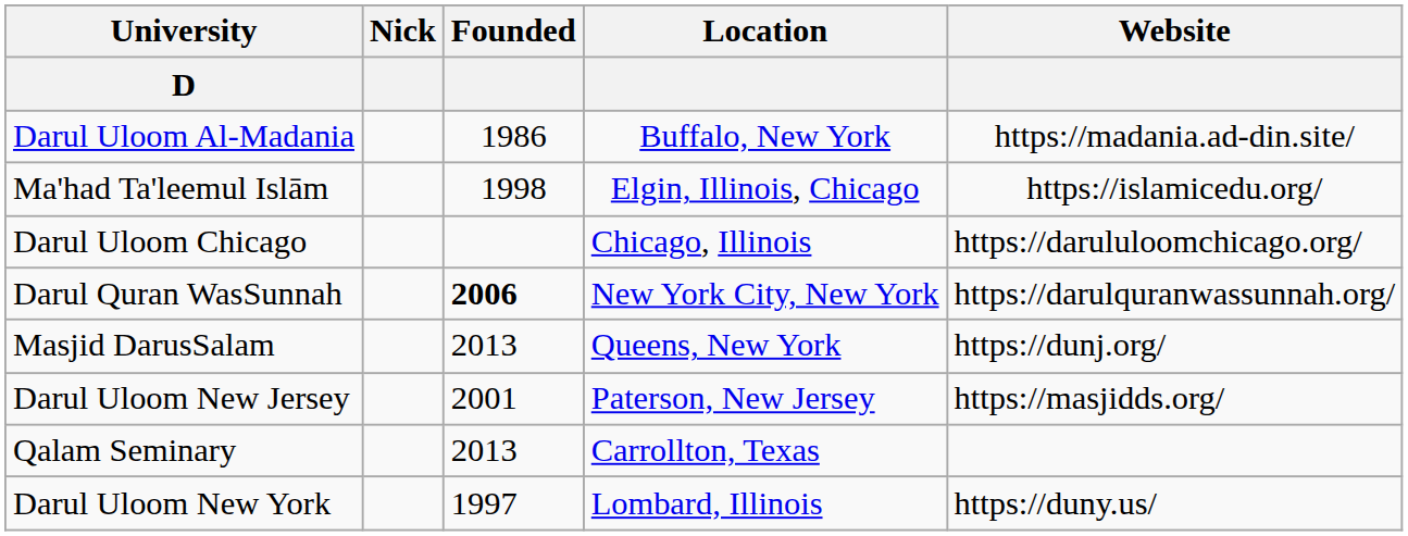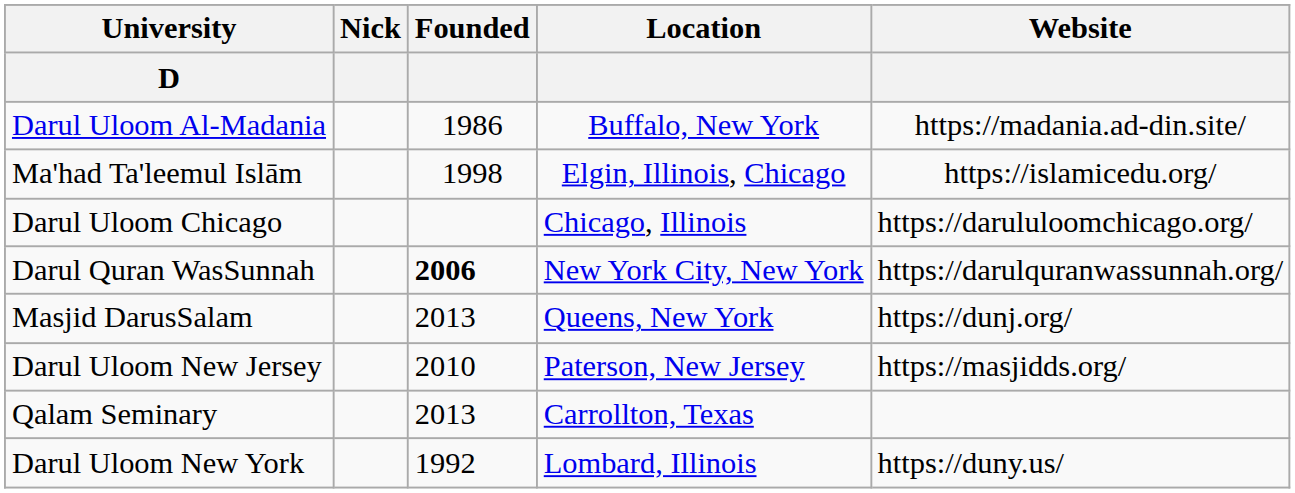 <table class="wikitable sortable">
 <tr>
 <th>University</th>
 <th>Nick</th>
 <th>Founded</th>
 <th>Location</th>
 <th class="unsortable">Website</th>
 </tr>
 <tr>
 <th>D</th>
 <th></th>
 <th></th>
 <th></th>
 <th></th>
 </tr>
 <tr>
 <td><a href='#'>Darul Uloom Al-Madania</a></td>
 <td style="text-align:center;"></td>
 <td style="text-align:center;">1986</td>
 <td style="text-align:center;"><a href='#'>Buffalo, New York</a></td>
 <td style="text-align:center;">https://madania.ad-din.site/</td>
 </tr>
 <tr>
 <td>Ma'had Ta'leemul Islām</td>
 <td style="text-align:center;"></td>
 <td style="text-align:center;">1998</td>
 <td style="text-align:center;"><a href='#'>Elgin, Illinois</a>, <a href='#'>Chicago</a></td>
 <td style="text-align:center;">https://islamicedu.org/</td>
 </tr>
 <tr>
 <td>Darul Uloom Chicago</td>
 <td></td>
 <td></td>
 <td><a href='#'>Chicago</a>, <a href='#'>Illinois</a></td>
 <td>https://darululoomchicago.org/</td>
 </tr>
 <tr>
 <td>Darul Quran WasSunnah</td>
 <td style="“text-align:center;”"></td>
 <td style="“text-align:center;”"><strong>2006</strong></td>
 <td style="“text-align:center;"><a href='#'>New York City, New York</a></td>
 <td>https://darulquranwassunnah.org/</td>
 </tr>
 <tr>
 <td>Masjid DarusSalam</td>
 <td style="“text-align:center;”"></td>
 <td style="“text-align:center;”">2013</td>
 <td><a href='#'>Queens, New York</a></td>
 <td>https://dunj.org/</td>
 </tr>
 <tr>
 <td>Darul Uloom New Jersey</td>
 <td style="“text-align:center;”"></td>
-<td style="“text-align:center;”">2001</td>
+<td style="“text-align:center;”">2010</td>
 <td style="“text-align:center;"><a href='#'>Paterson, New Jersey</a></td>
 <td>https://masjidds.org/</td>
 </tr>
 <tr>
 <td>Qalam Seminary</td>
 <td style="“text-align:center;”"></td>
 <td style="“text-align:center;”">2013</td>
 <td style="“text-align:center;"><a href='#'>Carrollton, Texas</a></td>
 <td></td>
 </tr>
 <tr>
 <td>Darul Uloom New York</td>
 <td></td>
-<td>1997</td>
+<td>1992</td>
 <td style="“text-align:center;"><a href='#'>Lombard, Illinois</a></td>
 <td>https://duny.us/</td>
 </tr>
 </table>
